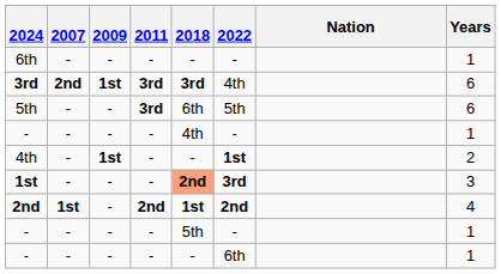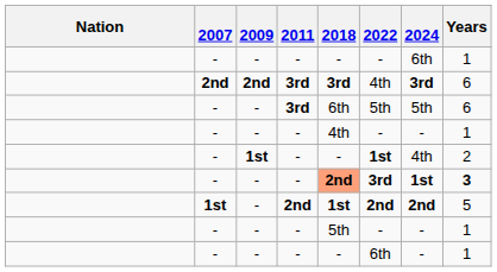 <table class="wikitable" style="text-align:center; font-size:90%">
 <tr>
-<th><br><a href='#'>2024</a></th>
+<th width=170>Nation</th>
 <th><br><a href='#'>2007</a></th>
 <th><br><a href='#'>2009</a></th>
 <th><br><a href='#'>2011</a></th>
 <th><br><a href='#'>2018</a></th>
 <th><br><a href='#'>2022</a></th>
-<th width=170>Nation</th>
+<th><br><a href='#'>2024</a></th>
 <th>Years</th>
 </tr>
 <tr>
-<td>6th</td>
-<td>-</td>
-<td>-</td>
-<td>-</td>
-<td>-</td>
-<td>-</td>
 <td align=left></td>
-<td>1</td>
-</tr>
-<tr>
-<td><strong>3rd</strong></td>
-<td><strong>2nd</strong></td>
-<td><strong>1st</strong></td>
-<td><strong>3rd</strong></td>
-<td><strong>3rd</strong></td>
-<td>4th</td>
-<td align=left></td>
-<td>6</td>
-</tr>
-<tr>
-<td>5th</td>
-<td>-</td>
-<td>-</td>
-<td><strong>3rd</strong></td>
-<td>6th</td>
-<td>5th</td>
-<td align=left></td>
-<td>6</td>
-</tr>
-<tr>
-<td>-</td>
-<td>-</td>
-<td>-</td>
-<td>-</td>
-<td>4th</td>
-<td>-</td>
-<td align=left></td>
-<td>1</td>
-</tr>
-<tr>
-<td>4th</td>
-<td>-</td>
-<td><strong>1st</strong></td>
-<td>-</td>
-<td>-</td>
-<td><strong>1st</strong></td>
-<td align=left></td>
-<td>2</td>
-</tr>
-<tr>
-<td><strong>1st</strong></td>
-<td>-</td>
-<td>-</td>
-<td>-</td>
-<td style="background: lightsalmon;"><strong>2nd</strong></td>
-<td><strong>3rd</strong></td>
-<td align=left></td>
-<td>3</td>
-</tr>
-<tr>
-<td><strong>2nd</strong></td>
-<td><strong>1st</strong></td>
-<td>-</td>
-<td><strong>2nd</strong></td>
-<td><strong>1st</strong></td>
-<td><strong>2nd</strong></td>
-<td align=left></td>
-<td>4</td>
-</tr>
-<tr>
-<td>-</td>
-<td>-</td>
-<td>-</td>
-<td>-</td>
-<td>5th</td>
-<td>-</td>
-<td align=left></td>
-<td>1</td>
-</tr>
-<tr>
 <td>-</td>
 <td>-</td>
 <td>-</td>
 <td>-</td>
 <td>-</td>
 <td>6th</td>
+<td>1</td>
+</tr>
+<tr>
 <td align=left></td>
+<td><strong>2nd</strong></td>
+<td><strong>2nd</strong></td>
+<td><strong>3rd</strong></td>
+<td><strong>3rd</strong></td>
+<td>4th</td>
+<td><strong>3rd</strong></td>
+<td>6</td>
+</tr>
+<tr>
+<td align=left></td>
+<td>-</td>
+<td>-</td>
+<td><strong>3rd</strong></td>
+<td>6th</td>
+<td>5th</td>
+<td>5th</td>
+<td>6</td>
+</tr>
+<tr>
+<td align=left></td>
+<td>-</td>
+<td>-</td>
+<td>-</td>
+<td>4th</td>
+<td>-</td>
+<td>-</td>
+<td>1</td>
+</tr>
+<tr>
+<td align=left></td>
+<td>-</td>
+<td><strong>1st</strong></td>
+<td>-</td>
+<td>-</td>
+<td><strong>1st</strong></td>
+<td>4th</td>
+<td>2</td>
+</tr>
+<tr>
+<td align=left></td>
+<td>-</td>
+<td>-</td>
+<td>-</td>
+<td style="background: lightsalmon;"><strong>2nd</strong></td>
+<td><strong>3rd</strong></td>
+<td><strong>1st</strong></td>
+<td><strong>3</strong></td>
+</tr>
+<tr>
+<td align=left></td>
+<td><strong>1st</strong></td>
+<td>-</td>
+<td><strong>2nd</strong></td>
+<td><strong>1st</strong></td>
+<td><strong>2nd</strong></td>
+<td><strong>2nd</strong></td>
+<td>5</td>
+</tr>
+<tr>
+<td align=left></td>
+<td>-</td>
+<td>-</td>
+<td>-</td>
+<td>5th</td>
+<td>-</td>
+<td>-</td>
+<td>1</td>
+</tr>
+<tr>
+<td align=left></td>
+<td>-</td>
+<td>-</td>
+<td>-</td>
+<td>-</td>
+<td>6th</td>
+<td>-</td>
 <td>1</td>
 </tr>
 </table>
